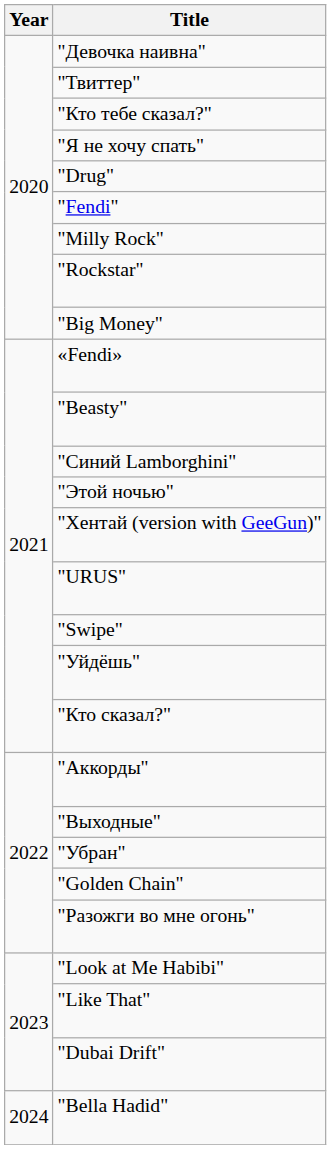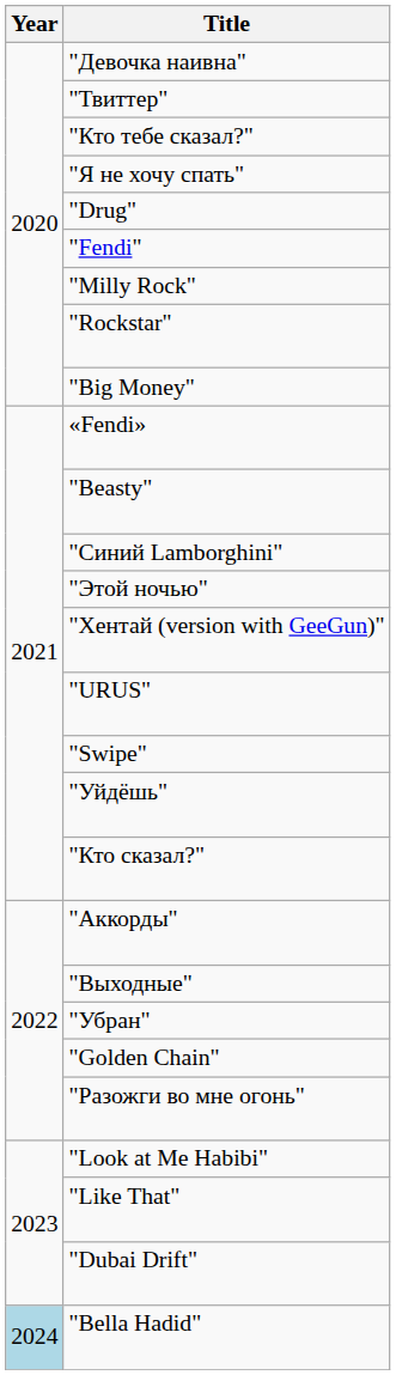 <table class="wikitable plainrowheaders">
 <tr>
 <th>Year</th>
 <th>Title</th>
 </tr>
 <tr>
 <td rowspan="9">2020</td>
 <td>"Девочка наивна"</td>
 </tr>
 <tr>
 <td>"Твиттер"</td>
 </tr>
 <tr>
 <td>"Кто тебе сказал?"</td>
 </tr>
 <tr>
 <td>"Я не хочу спать"</td>
 </tr>
 <tr>
 <td>"Drug"</td>
 </tr>
 <tr>
 <td>"<a href='#'>Fendi</a>"</td>
 </tr>
 <tr>
 <td>"Milly Rock"</td>
 </tr>
 <tr>
 <td>"Rockstar"<br><br></td>
 </tr>
 <tr>
 <td>"Big Money"</td>
 </tr>
 <tr>
 <td rowspan="9">2021</td>
 <td>«Fendi»<br><br></td>
 </tr>
 <tr>
 <td>"Beasty"<br><br></td>
 </tr>
 <tr>
 <td>"Синий Lamborghini"</td>
 </tr>
 <tr>
 <td>"Этой ночью"</td>
 </tr>
 <tr>
 <td>"Хентай (version with <a href='#'>GeeGun</a>)"<br><br></td>
 </tr>
 <tr>
 <td>"URUS"<br><br></td>
 </tr>
 <tr>
 <td>"Swipe"</td>
 </tr>
 <tr>
 <td>"Уйдёшь"<br><br></td>
 </tr>
 <tr>
 <td>"Кто сказал?"<br><br></td>
 </tr>
 <tr>
 <td rowspan="5">2022</td>
 <td>"Аккорды"<br><br></td>
 </tr>
 <tr>
 <td>"Выходные"</td>
 </tr>
 <tr>
 <td>"Убран"</td>
 </tr>
 <tr>
 <td>"Golden Chain"</td>
 </tr>
 <tr>
 <td>"Разожги во мне огонь"<br><br></td>
 </tr>
 <tr>
 <td rowspan="3">2023</td>
 <td>"Look at Me Habibi"</td>
 </tr>
 <tr>
 <td>"Like That"<br><br></td>
 </tr>
 <tr>
 <td>"Dubai Drift"<br><br></td>
 </tr>
 <tr>
-<td>2024</td>
+<td style="background: lightblue;">2024</td>
 <td>"Bella Hadid"<br><br></td>
 </tr>
 </table>
